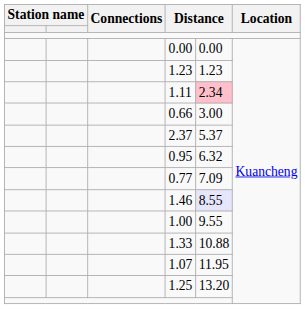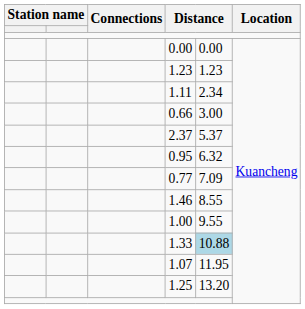 <table class="wikitable">
 <tr>
 <th colspan="2">Station name</th>
 <th rowspan="2">Connections</th>
 <th colspan="2" rowspan="2">Distance<br></th>
 <th rowspan="2">Location</th>
 </tr>
 <tr>
 <th></th>
 <th></th>
 </tr>
 <tr style="background:#">
 <td colspan = "8"></td>
 </tr>
 <tr>
 <td></td>
 <td></td>
 <td></td>
 <td>0.00</td>
 <td>0.00</td>
 <td rowspan="13"><a href='#'>Kuancheng</a></td>
 </tr>
 <tr>
 <td></td>
 <td></td>
 <td></td>
 <td>1.23</td>
 <td>1.23</td>
 </tr>
 <tr>
 <td></td>
 <td></td>
 <td></td>
 <td>1.11</td>
-<td style="background: pink;">2.34</td>
+<td>2.34</td>
 </tr>
 <tr>
 <td></td>
 <td></td>
 <td></td>
 <td>0.66</td>
 <td>3.00</td>
 </tr>
 <tr>
 <td></td>
 <td></td>
 <td></td>
 <td>2.37</td>
 <td>5.37</td>
 </tr>
 <tr>
 <td></td>
 <td></td>
 <td></td>
 <td>0.95</td>
 <td>6.32</td>
 </tr>
 <tr>
 <td></td>
 <td></td>
 <td></td>
 <td>0.77</td>
 <td>7.09</td>
 </tr>
 <tr>
 <td></td>
 <td></td>
 <td></td>
 <td>1.46</td>
-<td style="background: lavender;">8.55</td>
+<td>8.55</td>
 </tr>
 <tr>
 <td></td>
 <td></td>
 <td></td>
 <td>1.00</td>
 <td>9.55</td>
 </tr>
 <tr>
 <td></td>
 <td></td>
 <td></td>
 <td>1.33</td>
-<td>10.88</td>
+<td style="background: lightblue;">10.88</td>
 </tr>
 <tr>
 <td></td>
 <td></td>
 <td></td>
 <td>1.07</td>
 <td>11.95</td>
 </tr>
 <tr>
 <td></td>
 <td></td>
 <td></td>
 <td>1.25</td>
 <td>13.20</td>
 </tr>
 <tr style="background:#">
 <td colspan = "8"></td>
 </tr>
 </table>
